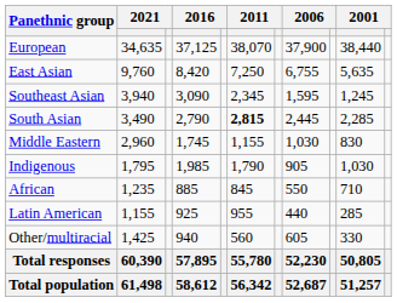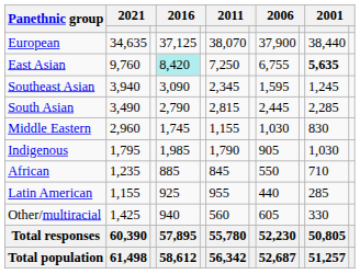 <table class="wikitable mw-datatable">
 <tr>
 <th rowspan="2"><a href='#'>Panethnic</a> group</th>
 <th colspan="2">2021</th>
 <th colspan="2">2016</th>
 <th colspan="2">2011</th>
 <th colspan="2">2006</th>
 <th colspan="2">2001</th>
 </tr>
 <tr>
 <th><a href='#'></a></th>
 <th></th>
 <th></th>
 <th></th>
 <th></th>
 <th></th>
 <th></th>
 <th></th>
 <th></th>
 <th></th>
 </tr>
 <tr>
 <td><a href='#'>European</a></td>
 <td>34,635</td>
 <td></td>
 <td>37,125</td>
 <td></td>
 <td>38,070</td>
 <td></td>
 <td>37,900</td>
 <td></td>
 <td>38,440</td>
 <td></td>
 </tr>
 <tr>
 <td><a href='#'>East Asian</a></td>
 <td>9,760</td>
 <td></td>
-<td>8,420</td>
+<td style="background: paleturquoise;">8,420</td>
 <td></td>
 <td>7,250</td>
 <td></td>
 <td>6,755</td>
 <td></td>
-<td>5,635</td>
+<td><strong>5,635</strong></td>
 <td></td>
 </tr>
 <tr>
 <td><a href='#'>Southeast Asian</a></td>
 <td>3,940</td>
 <td></td>
 <td>3,090</td>
 <td></td>
 <td>2,345</td>
 <td></td>
 <td>1,595</td>
 <td></td>
 <td>1,245</td>
 <td></td>
 </tr>
 <tr>
 <td><a href='#'>South Asian</a></td>
 <td>3,490</td>
 <td></td>
 <td>2,790</td>
 <td></td>
-<td><strong>2,815</strong></td>
+<td>2,815</td>
 <td></td>
 <td>2,445</td>
 <td></td>
 <td>2,285</td>
 <td></td>
 </tr>
 <tr>
 <td><a href='#'>Middle Eastern</a></td>
 <td>2,960</td>
 <td></td>
 <td>1,745</td>
 <td></td>
 <td>1,155</td>
 <td></td>
 <td>1,030</td>
 <td></td>
 <td>830</td>
 <td></td>
 </tr>
 <tr>
 <td><a href='#'>Indigenous</a></td>
 <td>1,795</td>
 <td></td>
 <td>1,985</td>
 <td></td>
 <td>1,790</td>
 <td></td>
 <td>905</td>
 <td></td>
 <td>1,030</td>
 <td></td>
 </tr>
 <tr>
 <td><a href='#'>African</a></td>
 <td>1,235</td>
 <td></td>
 <td>885</td>
 <td></td>
 <td>845</td>
 <td></td>
 <td>550</td>
 <td></td>
 <td>710</td>
 <td></td>
 </tr>
 <tr>
 <td><a href='#'>Latin American</a></td>
 <td>1,155</td>
 <td></td>
 <td>925</td>
 <td></td>
 <td>955</td>
 <td></td>
 <td>440</td>
 <td></td>
 <td>285</td>
 <td></td>
 </tr>
 <tr>
 <td>Other/<a href='#'>multiracial</a></td>
 <td>1,425</td>
 <td></td>
 <td>940</td>
 <td></td>
 <td>560</td>
 <td></td>
 <td>605</td>
 <td></td>
 <td>330</td>
 <td></td>
 </tr>
 <tr>
 <th>Total responses</th>
 <th>60,390</th>
 <th></th>
 <th>57,895</th>
 <th></th>
 <th>55,780</th>
 <th></th>
 <th>52,230</th>
 <th></th>
 <th>50,805</th>
 <th></th>
 </tr>
 <tr>
 <th>Total population</th>
 <th>61,498</th>
 <th></th>
 <th>58,612</th>
 <th></th>
 <th>56,342</th>
 <th></th>
 <th>52,687</th>
 <th></th>
 <th>51,257</th>
 <th></th>
 </tr>
 </table>
